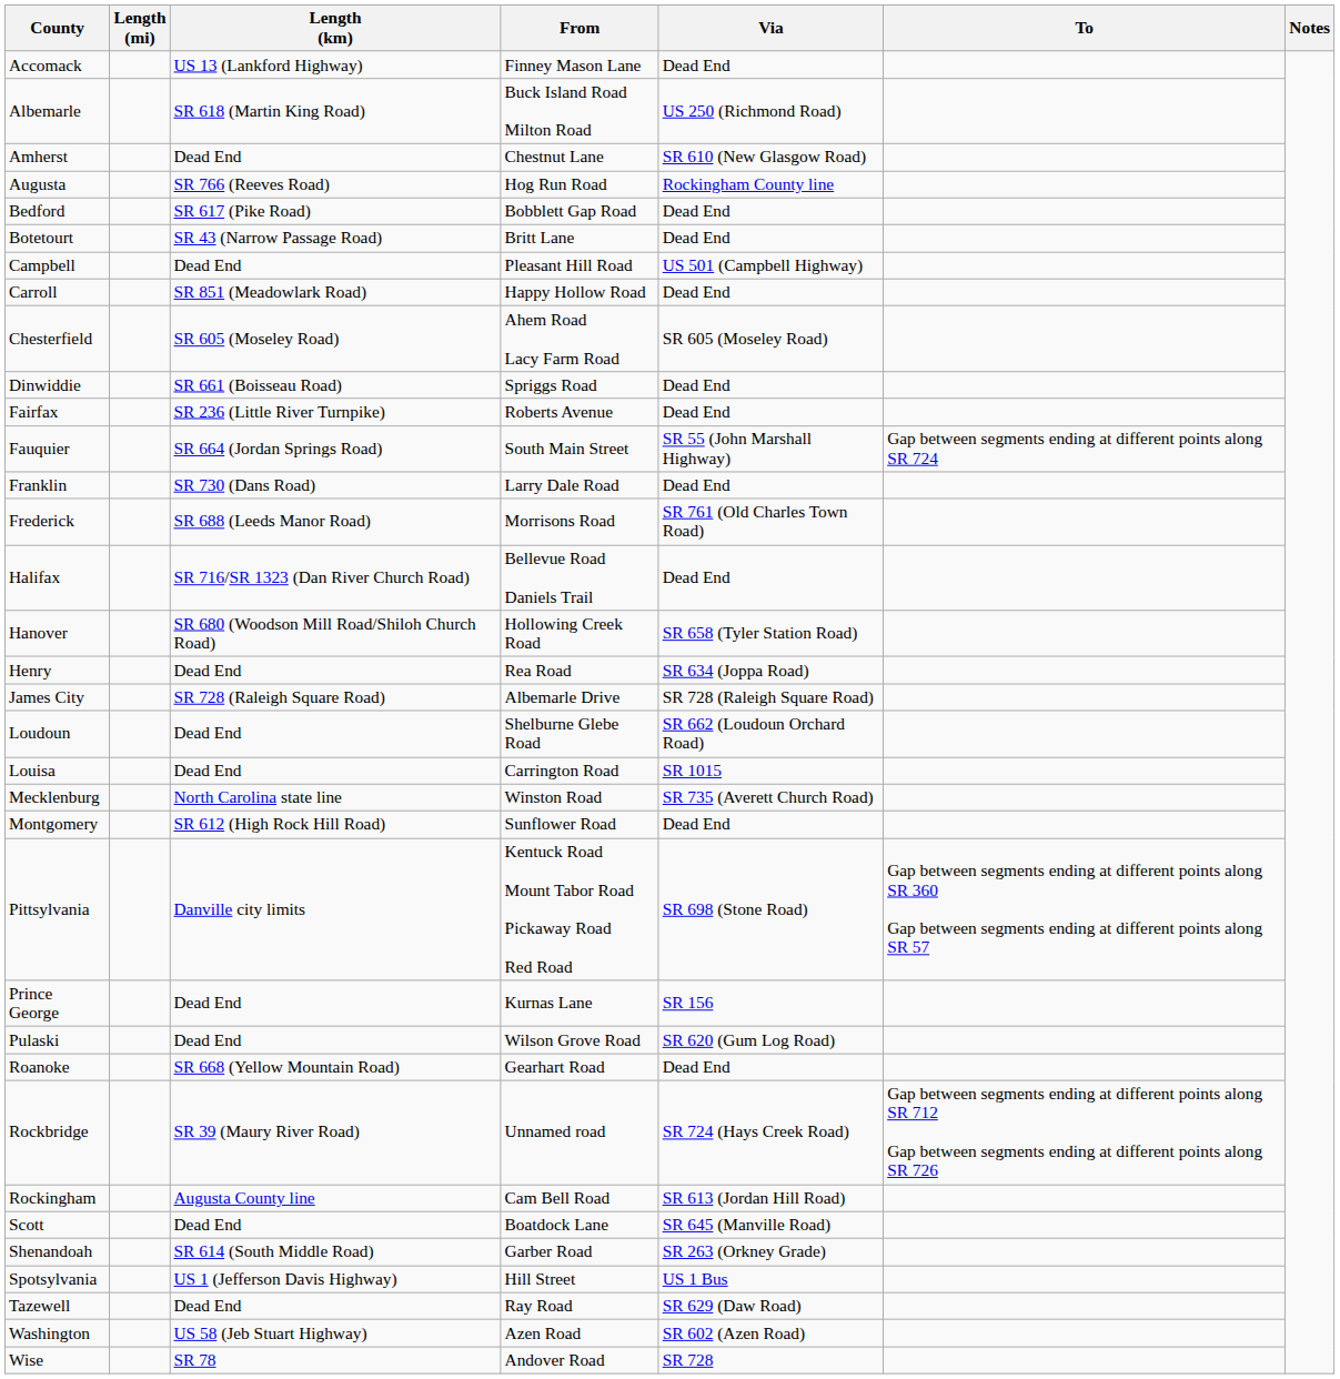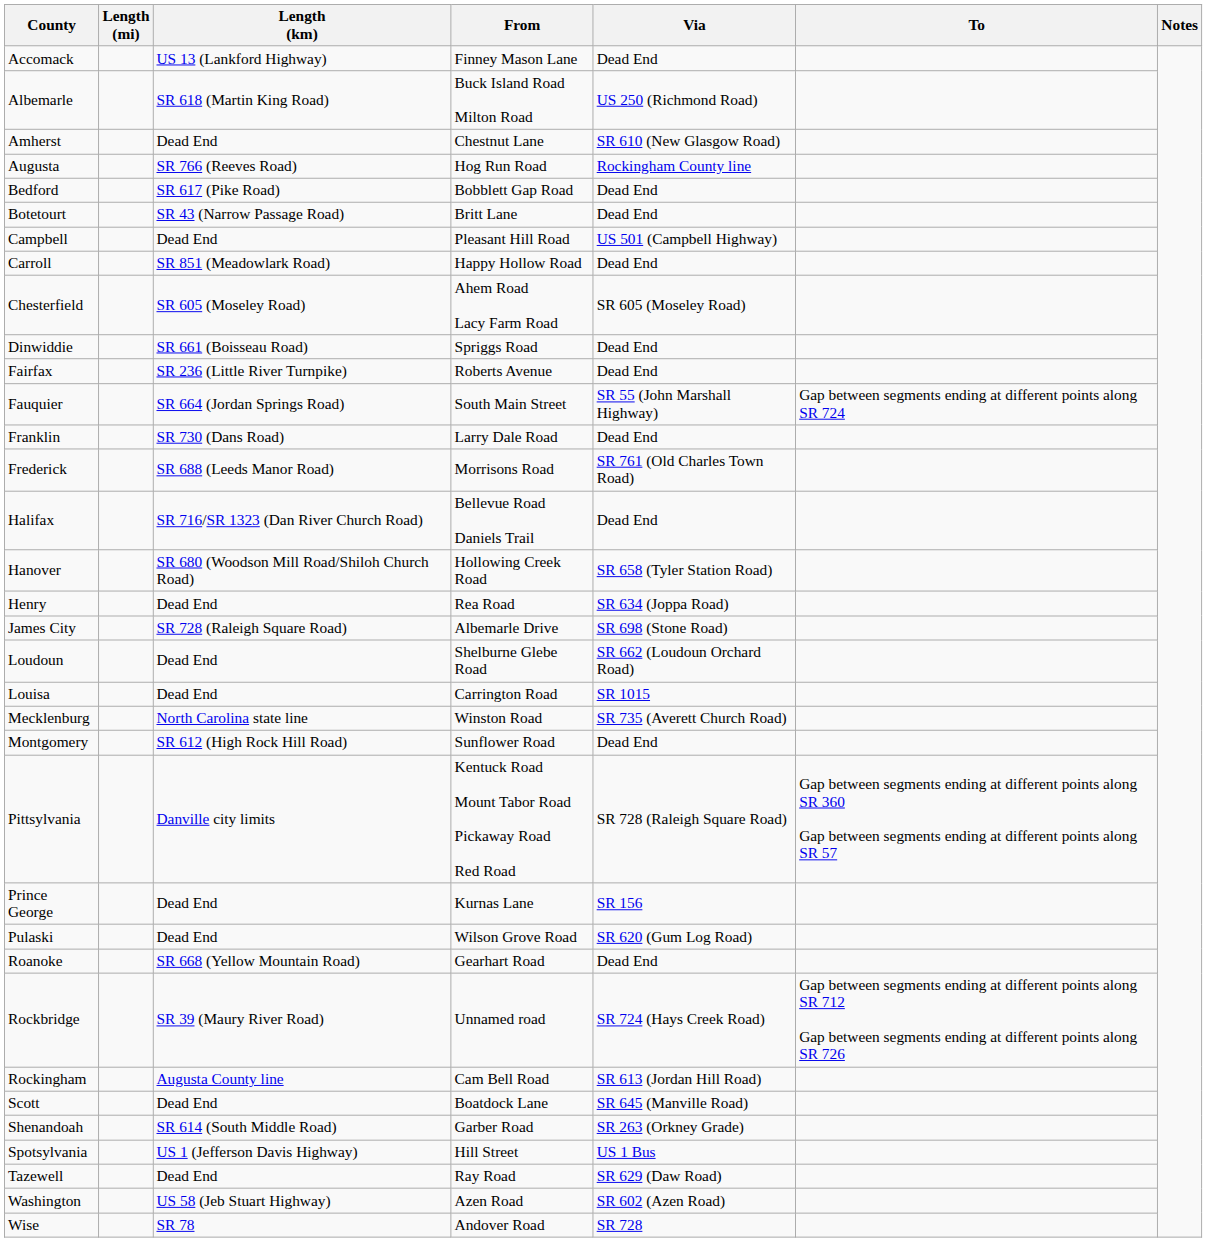 <table class="wikitable sortable">
 <tr>
 <th>County</th>
 <th>Length<br>(mi)</th>
 <th>Length<br>(km)</th>
 <th class="unsortable">From</th>
 <th class="unsortable">Via</th>
 <th class="unsortable">To</th>
 <th class="unsortable">Notes</th>
 </tr>
 <tr>
 <td id="Accomack">Accomack</td>
 <td></td>
 <td><a href='#'>US 13</a> (Lankford Highway)</td>
 <td>Finney Mason Lane</td>
 <td>Dead End</td>
 <td></td>
 </tr>
 <tr>
 <td id="Albemarle">Albemarle</td>
 <td></td>
 <td><a href='#'>SR 618</a> (Martin King Road)</td>
 <td>Buck Island Road<br><br>Milton Road</td>
 <td><a href='#'>US 250</a> (Richmond Road)</td>
 <td><br> </td>
 </tr>
 <tr>
 <td id="Amherst">Amherst</td>
 <td></td>
 <td>Dead End</td>
 <td>Chestnut Lane</td>
 <td><a href='#'>SR 610</a> (New Glasgow Road)</td>
 <td><br> </td>
 </tr>
 <tr>
 <td id="Augusta">Augusta</td>
 <td></td>
 <td><a href='#'>SR 766</a> (Reeves Road)</td>
 <td>Hog Run Road</td>
 <td><a href='#'>Rockingham County line</a></td>
 <td><br></td>
 </tr>
 <tr>
 <td id="Bedford">Bedford</td>
 <td></td>
 <td><a href='#'>SR 617</a> (Pike Road)</td>
 <td>Bobblett Gap Road</td>
 <td>Dead End</td>
 <td><br></td>
 </tr>
 <tr>
 <td id="Botetourt">Botetourt</td>
 <td></td>
 <td><a href='#'>SR 43</a> (Narrow Passage Road)</td>
 <td>Britt Lane</td>
 <td>Dead End</td>
 <td><br>  </td>
 </tr>
 <tr>
 <td id="Campbell">Campbell</td>
 <td></td>
 <td>Dead End</td>
 <td>Pleasant Hill Road</td>
 <td><a href='#'>US 501</a> (Campbell Highway)</td>
 <td><br></td>
 </tr>
 <tr>
 <td id="Carroll">Carroll</td>
 <td></td>
 <td><a href='#'>SR 851</a> (Meadowlark Road)</td>
 <td>Happy Hollow Road</td>
 <td>Dead End</td>
 <td><br> </td>
 </tr>
 <tr>
 <td id="Chesterfield">Chesterfield</td>
 <td></td>
 <td><a href='#'>SR 605</a> (Moseley Road)</td>
 <td>Ahem Road<br><br>Lacy Farm Road</td>
 <td>SR 605 (Moseley Road)</td>
 <td><br>    </td>
 </tr>
 <tr>
 <td id="Dinwiddie">Dinwiddie</td>
 <td></td>
 <td><a href='#'>SR 661</a> (Boisseau Road)</td>
 <td>Spriggs Road</td>
 <td>Dead End</td>
 <td><br></td>
 </tr>
 <tr>
 <td id="Fairfax">Fairfax</td>
 <td></td>
 <td><a href='#'>SR 236</a> (Little River Turnpike)</td>
 <td>Roberts Avenue</td>
 <td>Dead End</td>
 <td></td>
 </tr>
 <tr>
 <td id="Fauquier">Fauquier</td>
 <td></td>
 <td><a href='#'>SR 664</a> (Jordan Springs Road)</td>
 <td>South Main Street</td>
 <td><a href='#'>SR 55</a> (John Marshall Highway)</td>
 <td>Gap between segments ending at different points along <a href='#'>SR 724</a><br> </td>
 </tr>
 <tr>
 <td id="Franklin">Franklin</td>
 <td></td>
 <td><a href='#'>SR 730</a> (Dans Road)</td>
 <td>Larry Dale Road</td>
 <td>Dead End</td>
 <td></td>
 </tr>
 <tr>
 <td id="Frederick">Frederick</td>
 <td></td>
 <td><a href='#'>SR 688</a> (Leeds Manor Road)</td>
 <td>Morrisons Road</td>
 <td><a href='#'>SR 761</a> (Old Charles Town Road)</td>
 <td><br>     </td>
 </tr>
 <tr>
 <td id="Halifax">Halifax</td>
 <td></td>
 <td><a href='#'>SR 716</a>/<a href='#'>SR 1323</a> (Dan River Church Road)</td>
 <td>Bellevue Road<br><br>Daniels Trail</td>
 <td>Dead End</td>
 <td></td>
 </tr>
 <tr>
 <td id="Hanover">Hanover</td>
 <td></td>
 <td><a href='#'>SR 680</a> (Woodson Mill Road/Shiloh Church Road)</td>
 <td>Hollowing Creek Road</td>
 <td><a href='#'>SR 658</a> (Tyler Station Road)</td>
 <td><br></td>
 </tr>
 <tr>
 <td id="Henry">Henry</td>
 <td></td>
 <td>Dead End</td>
 <td>Rea Road</td>
 <td><a href='#'>SR 634</a> (Joppa Road)</td>
 <td><br> </td>
 </tr>
 <tr>
 <td id="James City">James City</td>
 <td></td>
 <td><a href='#'>SR 728</a> (Raleigh Square Road)</td>
 <td>Albemarle Drive</td>
-<td>SR 728 (Raleigh Square Road)</td>
+<td><a href='#'>SR 698</a> (Stone Road)</td>
 <td><br>    </td>
 </tr>
 <tr>
 <td id="Loudoun">Loudoun</td>
 <td></td>
 <td>Dead End</td>
 <td>Shelburne Glebe Road</td>
 <td><a href='#'>SR 662</a> (Loudoun Orchard Road)</td>
 <td></td>
 </tr>
 <tr>
 <td id="Louisa">Louisa</td>
 <td></td>
 <td>Dead End</td>
 <td>Carrington Road</td>
 <td><a href='#'>SR 1015</a></td>
 <td><br>  </td>
 </tr>
 <tr>
 <td id="Mecklenburg">Mecklenburg</td>
 <td></td>
 <td><a href='#'>North Carolina</a> state line</td>
 <td>Winston Road</td>
 <td><a href='#'>SR 735</a> (Averett Church Road)</td>
 <td><br></td>
 </tr>
 <tr>
 <td id="Montgomery">Montgomery</td>
 <td></td>
 <td><a href='#'>SR 612</a> (High Rock Hill Road)</td>
 <td>Sunflower Road</td>
 <td>Dead End</td>
 <td><br>       </td>
 </tr>
 <tr>
 <td id="Pittsylvania">Pittsylvania</td>
 <td></td>
 <td><a href='#'>Danville</a> city limits</td>
 <td>Kentuck Road<br><br>Mount Tabor Road<br><br>Pickaway Road<br><br>Red Road</td>
-<td><a href='#'>SR 698</a> (Stone Road)</td>
+<td>SR 728 (Raleigh Square Road)</td>
 <td>Gap between segments ending at different points along <a href='#'>SR 360</a><br><br>Gap between segments ending at different points along <a href='#'>SR 57</a><br> </td>
 </tr>
 <tr>
 <td id="Prince George">Prince George</td>
 <td></td>
 <td>Dead End</td>
 <td>Kurnas Lane</td>
 <td><a href='#'>SR 156</a></td>
 <td><br></td>
 </tr>
 <tr>
 <td id="Pulaski">Pulaski</td>
 <td></td>
 <td>Dead End</td>
 <td>Wilson Grove Road</td>
 <td><a href='#'>SR 620</a> (Gum Log Road)</td>
 <td><br> </td>
 </tr>
 <tr>
 <td id="Roanoke">Roanoke</td>
 <td></td>
 <td><a href='#'>SR 668</a> (Yellow Mountain Road)</td>
 <td>Gearhart Road</td>
 <td>Dead End</td>
 <td></td>
 </tr>
 <tr>
 <td id="Rockbridge">Rockbridge</td>
 <td></td>
 <td><a href='#'>SR 39</a> (Maury River Road)</td>
 <td>Unnamed road</td>
 <td><a href='#'>SR 724</a> (Hays Creek Road)</td>
 <td>Gap between segments ending at different points along <a href='#'>SR 712</a><br><br>Gap between segments ending at different points along <a href='#'>SR 726</a></td>
 </tr>
 <tr>
 <td id="Rockingham">Rockingham</td>
 <td></td>
 <td><a href='#'>Augusta County line</a></td>
 <td>Cam Bell Road</td>
 <td><a href='#'>SR 613</a> (Jordan Hill Road)</td>
 <td><br></td>
 </tr>
 <tr>
 <td id="Scott">Scott</td>
 <td></td>
 <td>Dead End</td>
 <td>Boatdock Lane</td>
 <td><a href='#'>SR 645</a> (Manville Road)</td>
 <td></td>
 </tr>
 <tr>
 <td id="Shenandoah">Shenandoah</td>
 <td></td>
 <td><a href='#'>SR 614</a> (South Middle Road)</td>
 <td>Garber Road</td>
 <td><a href='#'>SR 263</a> (Orkney Grade)</td>
 <td><br> </td>
 </tr>
 <tr>
 <td id="Spotsylvania">Spotsylvania</td>
 <td></td>
 <td><a href='#'>US 1</a> (Jefferson Davis Highway)</td>
 <td>Hill Street</td>
 <td><a href='#'>US 1 Bus</a></td>
 <td><br>  </td>
 </tr>
 <tr>
 <td id="Tazewell">Tazewell</td>
 <td></td>
 <td>Dead End</td>
 <td>Ray Road</td>
 <td><a href='#'>SR 629</a> (Daw Road)</td>
 <td><br></td>
 </tr>
 <tr>
 <td id="Washington">Washington</td>
 <td></td>
 <td><a href='#'>US 58</a> (Jeb Stuart Highway)</td>
 <td>Azen Road</td>
 <td><a href='#'>SR 602</a> (Azen Road)</td>
 <td><br></td>
 </tr>
 <tr>
 <td id="Wise">Wise</td>
 <td></td>
 <td><a href='#'>SR 78</a></td>
 <td>Andover Road</td>
 <td><a href='#'>SR 728</a></td>
 <td><br> </td>
 </tr>
 </table>
